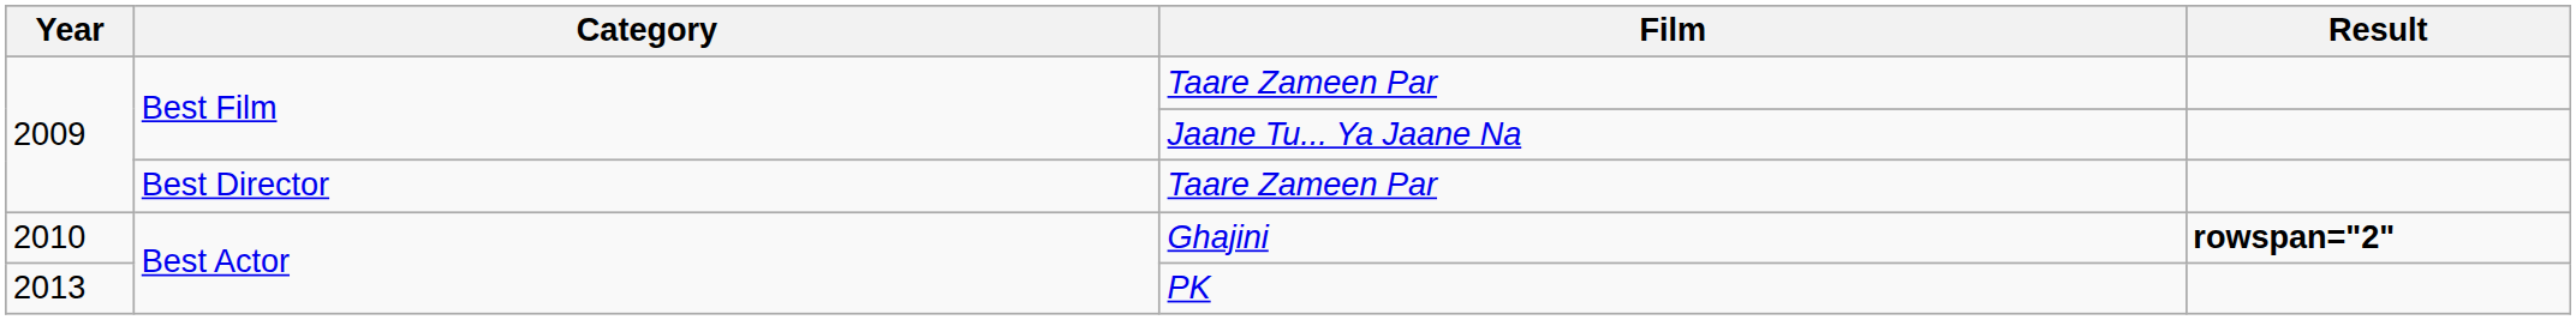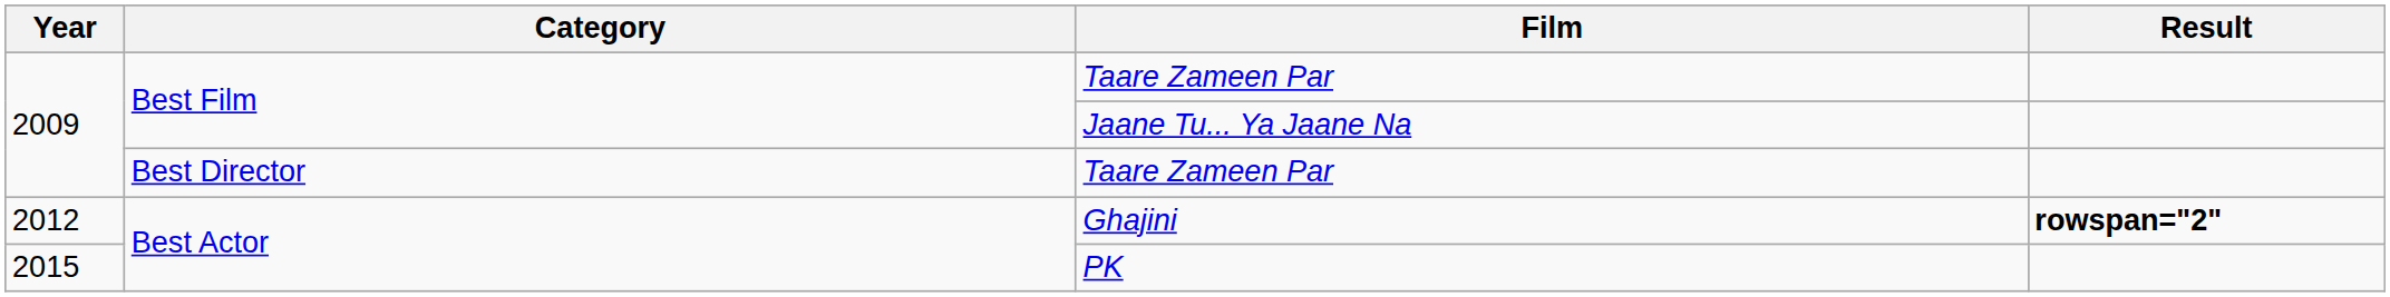 <table class="wikitable" style="width:100%;">
 <tr>
 <th width="5%">Year</th>
 <th style="width:40%;">Category</th>
 <th style="width:40%;">Film</th>
 <th style="width:15%;">Result</th>
 </tr>
 <tr>
 <td rowspan="3">2009</td>
 <td rowspan="2"><a href='#'>Best Film</a></td>
 <td><em><a href='#'>Taare Zameen Par</a></em></td>
 <td></td>
 </tr>
 <tr>
 <td><em><a href='#'>Jaane Tu... Ya Jaane Na</a></em></td>
 <td></td>
 </tr>
 <tr>
 <td><a href='#'>Best Director</a></td>
 <td><em><a href='#'>Taare Zameen Par</a></em></td>
 <td></td>
 </tr>
 <tr>
-<td>2010</td>
+<td>2012</td>
 <td rowspan="2"><a href='#'>Best Actor</a></td>
 <td><em><a href='#'>Ghajini</a></em></td>
 <td><strong>rowspan="2" </strong></td>
 </tr>
 <tr>
-<td>2013</td>
+<td>2015</td>
 <td><em><a href='#'>PK</a></em></td>
 </tr>
 </table>
